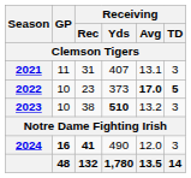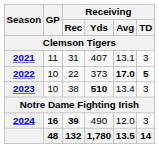 <table class="wikitable" style="text-align:center;">
 <tr>
 <th rowspan="2">Season</th>
 <th rowspan="2">GP</th>
 <th colspan="4">Receiving</th>
 </tr>
 <tr>
 <th>Rec</th>
 <th>Yds</th>
 <th>Avg</th>
 <th>TD</th>
 </tr>
 <tr>
 <th colspan="11">Clemson Tigers</th>
 </tr>
 <tr>
 <th><a href='#'>2021</a></th>
 <td>11</td>
 <td>31</td>
 <td>407</td>
 <td>13.1</td>
 <td>3</td>
 </tr>
 <tr>
 <th><a href='#'>2022</a></th>
 <td>10</td>
-<td>23</td>
+<td>22</td>
 <td>373</td>
 <td><strong>17.0</strong></td>
 <td><strong>5</strong></td>
 </tr>
 <tr>
 <th><a href='#'>2023</a></th>
 <td>10</td>
 <td>38</td>
 <td><strong>510</strong></td>
-<td>13.2</td>
+<td>13.4</td>
 <td>3</td>
 </tr>
 <tr>
 <th colspan="11">Notre Dame Fighting Irish</th>
 </tr>
 <tr>
 <th><a href='#'>2024</a></th>
 <td><strong>16</strong></td>
-<td><strong>41</strong></td>
+<td><strong>39</strong></td>
 <td>490</td>
 <td>12.0</td>
 <td>3</td>
 </tr>
 <tr>
 <th></th>
 <th>48</th>
 <th>132</th>
 <th>1,780</th>
 <th>13.5</th>
 <th>14</th>
 </tr>
 </table>
